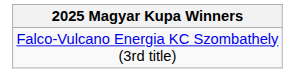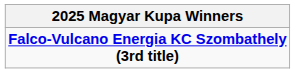 <table class=wikitable style="text-align:center; margin:auto">
 <tr>
 <th>2025 Magyar Kupa Winners</th>
 </tr>
 <tr>
-<td><a href='#'>Falco-Vulcano Energia KC Szombathely</a><br>(3rd title)</td>
+<td><strong><a href='#'>Falco-Vulcano Energia KC Szombathely</a><br>(3rd title)</strong></td>
 </tr>
 </table>
